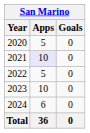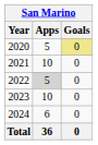 <table class="wikitable" style="text-align:center">
 <tr>
 <th colspan=5><a href='#'>San Marino</a></th>
 </tr>
 <tr>
 <th>Year</th>
 <th>Apps</th>
 <th>Goals</th>
 </tr>
 <tr>
 <td>2020</td>
 <td>5</td>
-<td>0</td>
+<td style="background: khaki;">0</td>
 </tr>
 <tr>
 <td>2021</td>
-<td style="background: lavender;">10</td>
+<td>10</td>
 <td>0</td>
 </tr>
 <tr>
 <td>2022</td>
-<td>5</td>
+<td style="background: lightgrey;">5</td>
 <td>0</td>
 </tr>
 <tr>
 <td>2023</td>
 <td>10</td>
 <td>0</td>
 </tr>
 <tr>
 <td>2024</td>
 <td>6</td>
 <td>0</td>
 </tr>
 <tr>
 <th>Total</th>
 <th>36</th>
 <th>0</th>
 </tr>
 </table>
